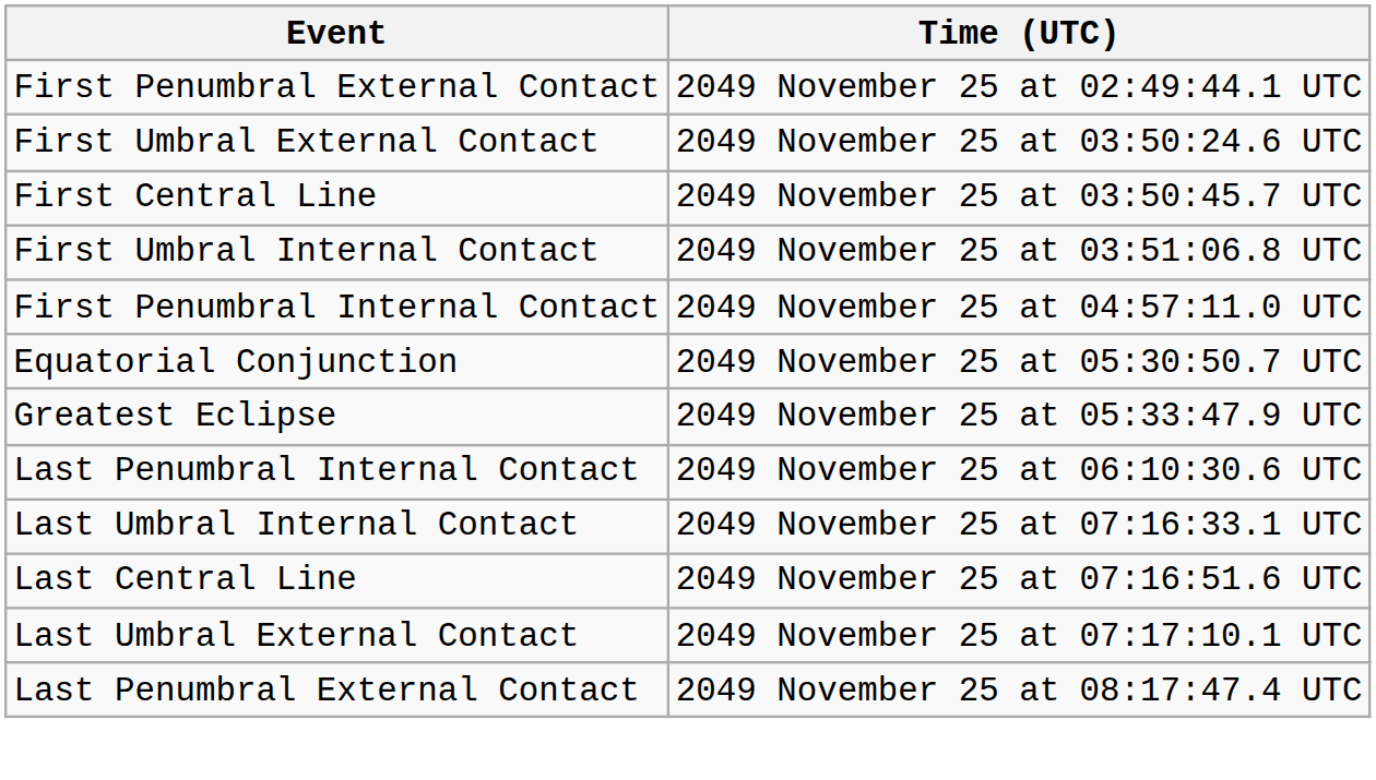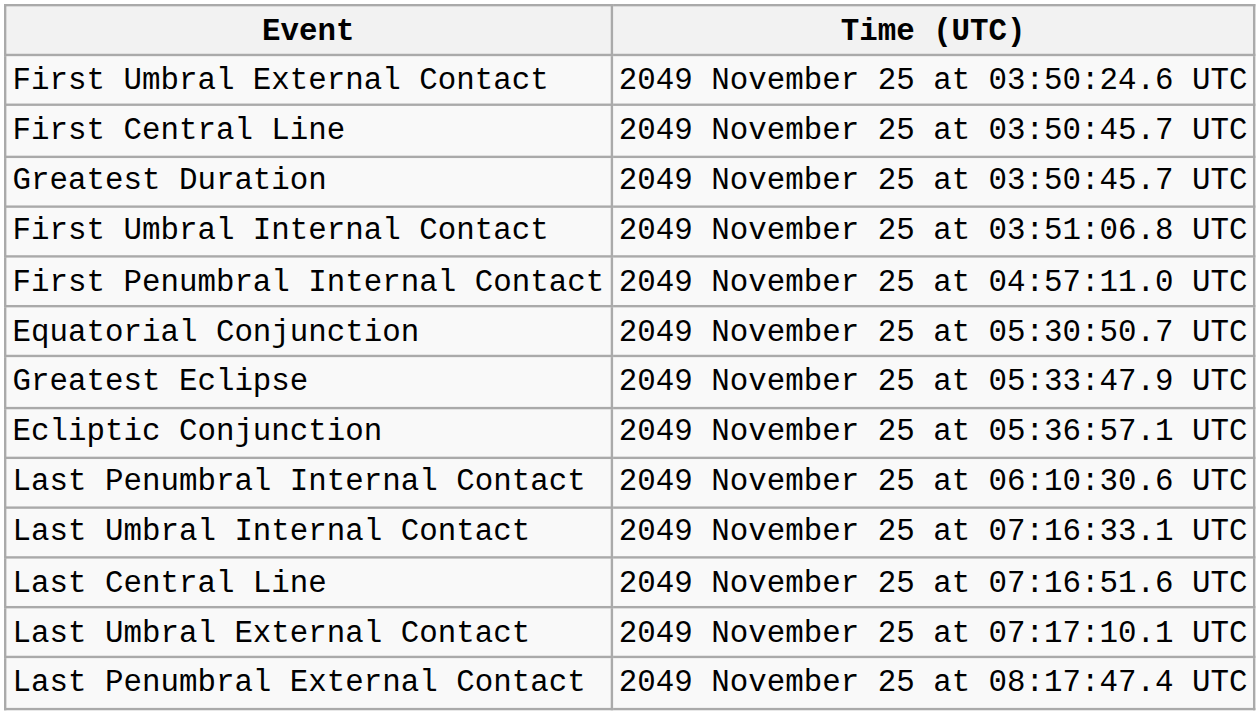 <table class="wikitable">
 <tr>
 <th>Event</th>
 <th>Time (UTC)</th>
-</tr>
-<tr>
-<td>First Penumbral External Contact</td>
-<td>2049 November 25 at 02:49:44.1 UTC</td>
 </tr>
 <tr>
 <td>First Umbral External Contact</td>
 <td>2049 November 25 at 03:50:24.6 UTC</td>
 </tr>
 <tr>
 <td>First Central Line</td>
+<td>2049 November 25 at 03:50:45.7 UTC</td>
+</tr>
+<tr>
+<td>Greatest Duration</td>
 <td>2049 November 25 at 03:50:45.7 UTC</td>
 </tr>
 <tr>
 <td>First Umbral Internal Contact</td>
 <td>2049 November 25 at 03:51:06.8 UTC</td>
 </tr>
 <tr>
 <td>First Penumbral Internal Contact</td>
 <td>2049 November 25 at 04:57:11.0 UTC</td>
 </tr>
 <tr>
 <td>Equatorial Conjunction</td>
 <td>2049 November 25 at 05:30:50.7 UTC</td>
 </tr>
 <tr>
 <td>Greatest Eclipse</td>
 <td>2049 November 25 at 05:33:47.9 UTC</td>
+</tr>
+<tr>
+<td>Ecliptic Conjunction</td>
+<td>2049 November 25 at 05:36:57.1 UTC</td>
 </tr>
 <tr>
 <td>Last Penumbral Internal Contact</td>
 <td>2049 November 25 at 06:10:30.6 UTC</td>
 </tr>
 <tr>
 <td>Last Umbral Internal Contact</td>
 <td>2049 November 25 at 07:16:33.1 UTC</td>
 </tr>
 <tr>
 <td>Last Central Line</td>
 <td>2049 November 25 at 07:16:51.6 UTC</td>
 </tr>
 <tr>
 <td>Last Umbral External Contact</td>
 <td>2049 November 25 at 07:17:10.1 UTC</td>
 </tr>
 <tr>
 <td>Last Penumbral External Contact</td>
 <td>2049 November 25 at 08:17:47.4 UTC</td>
 </tr>
 </table>
